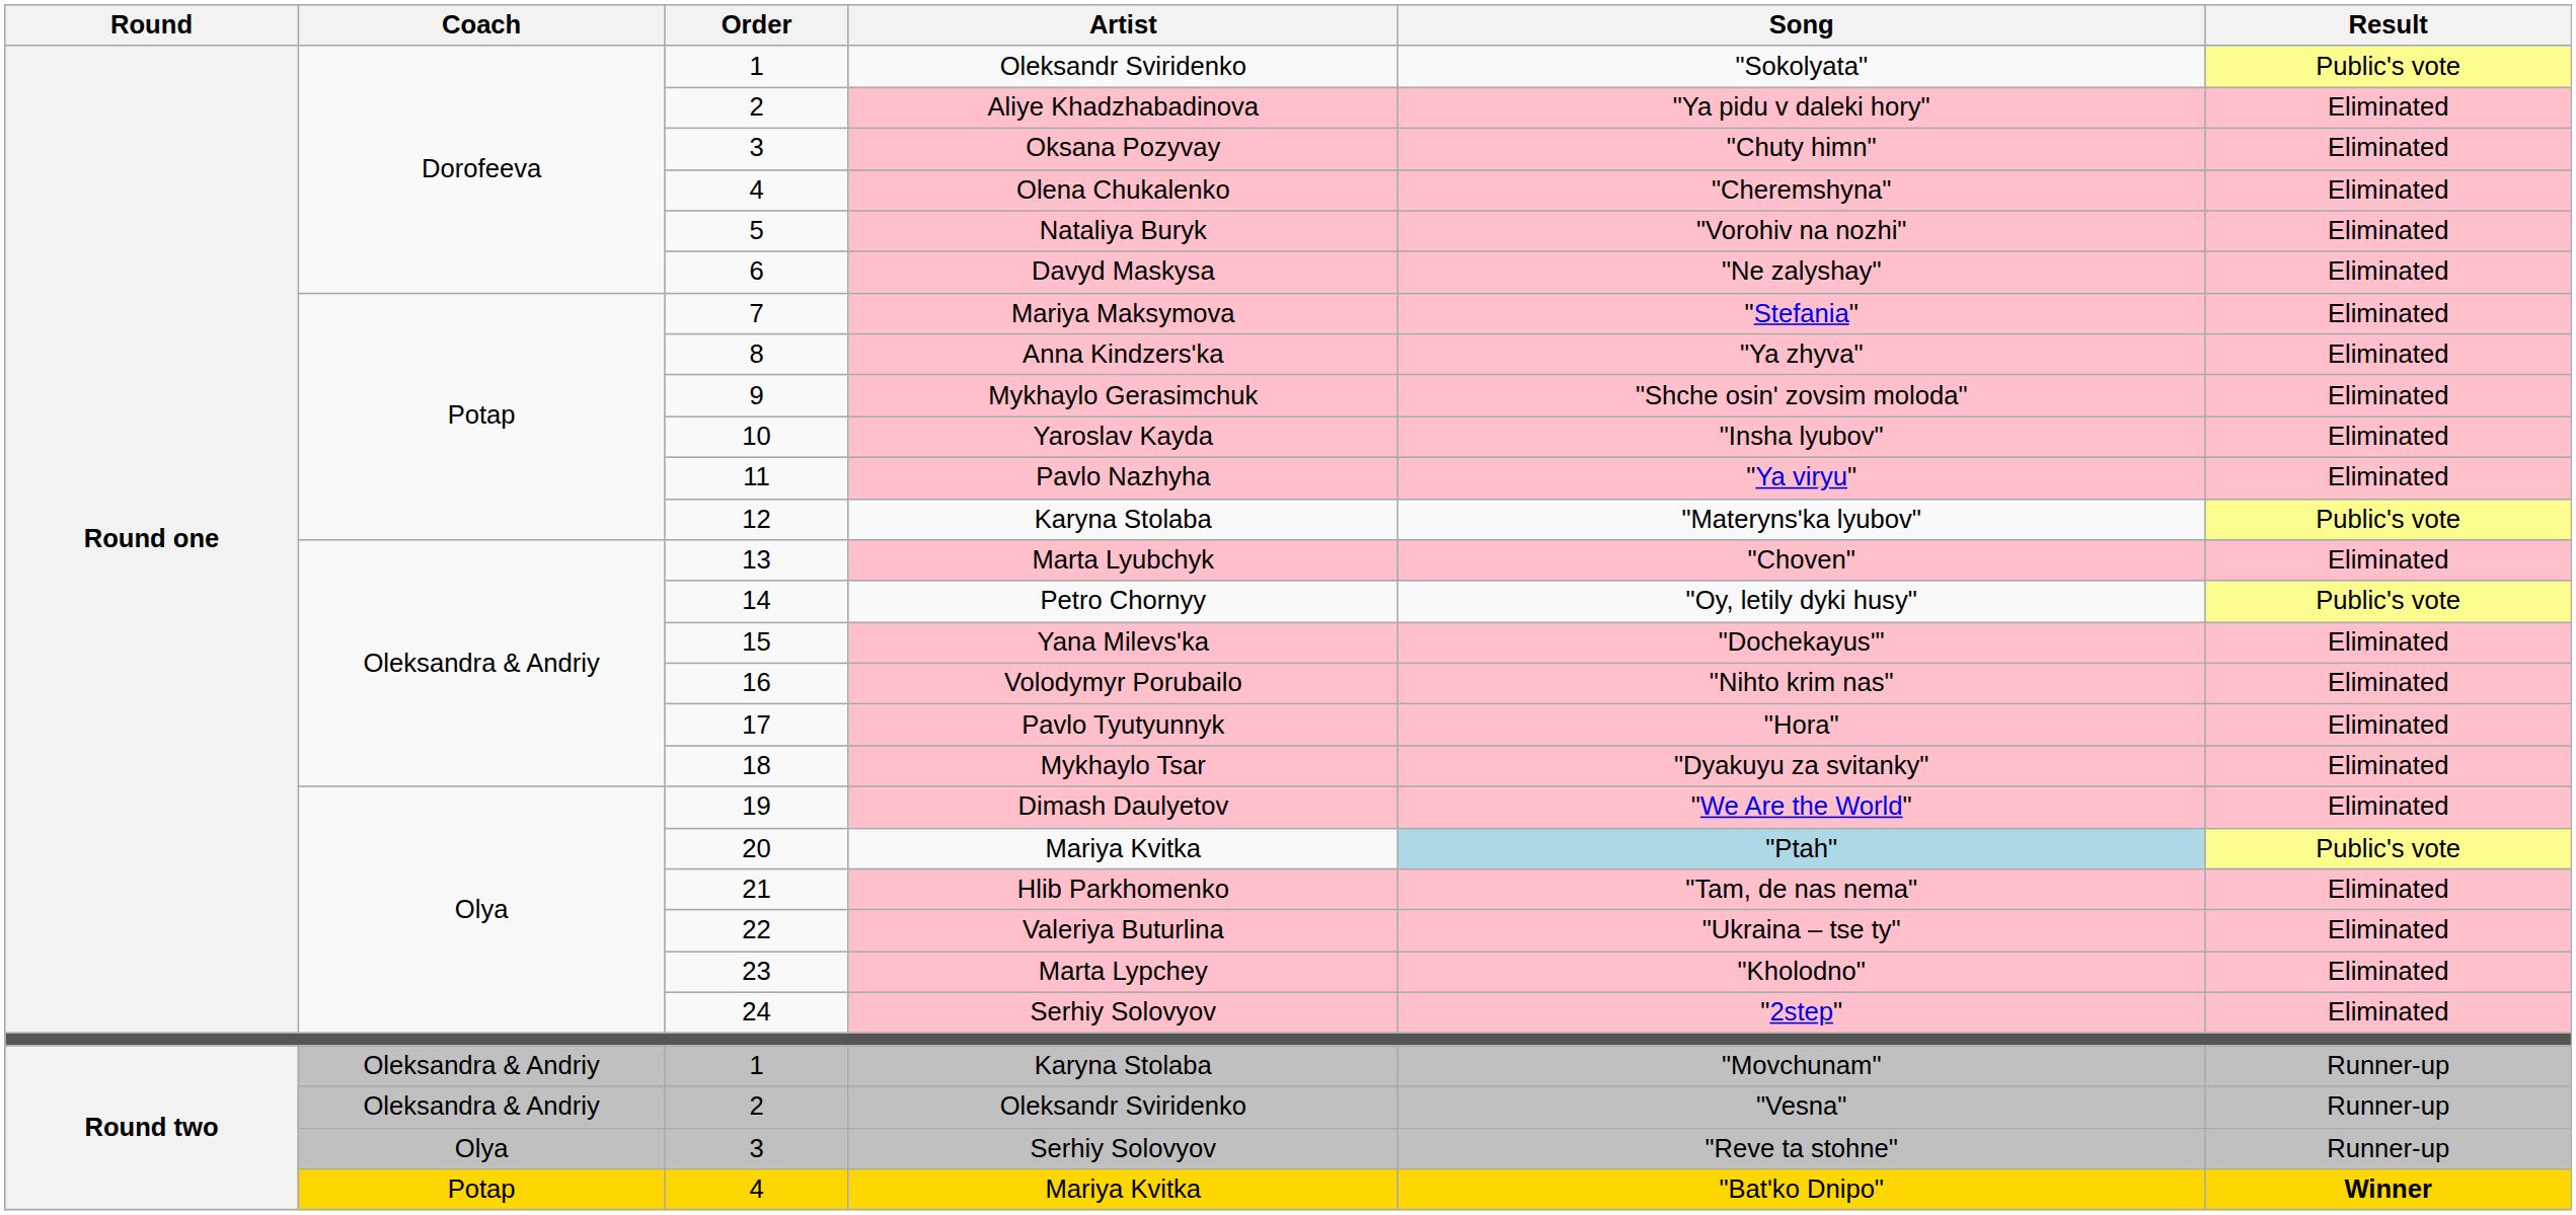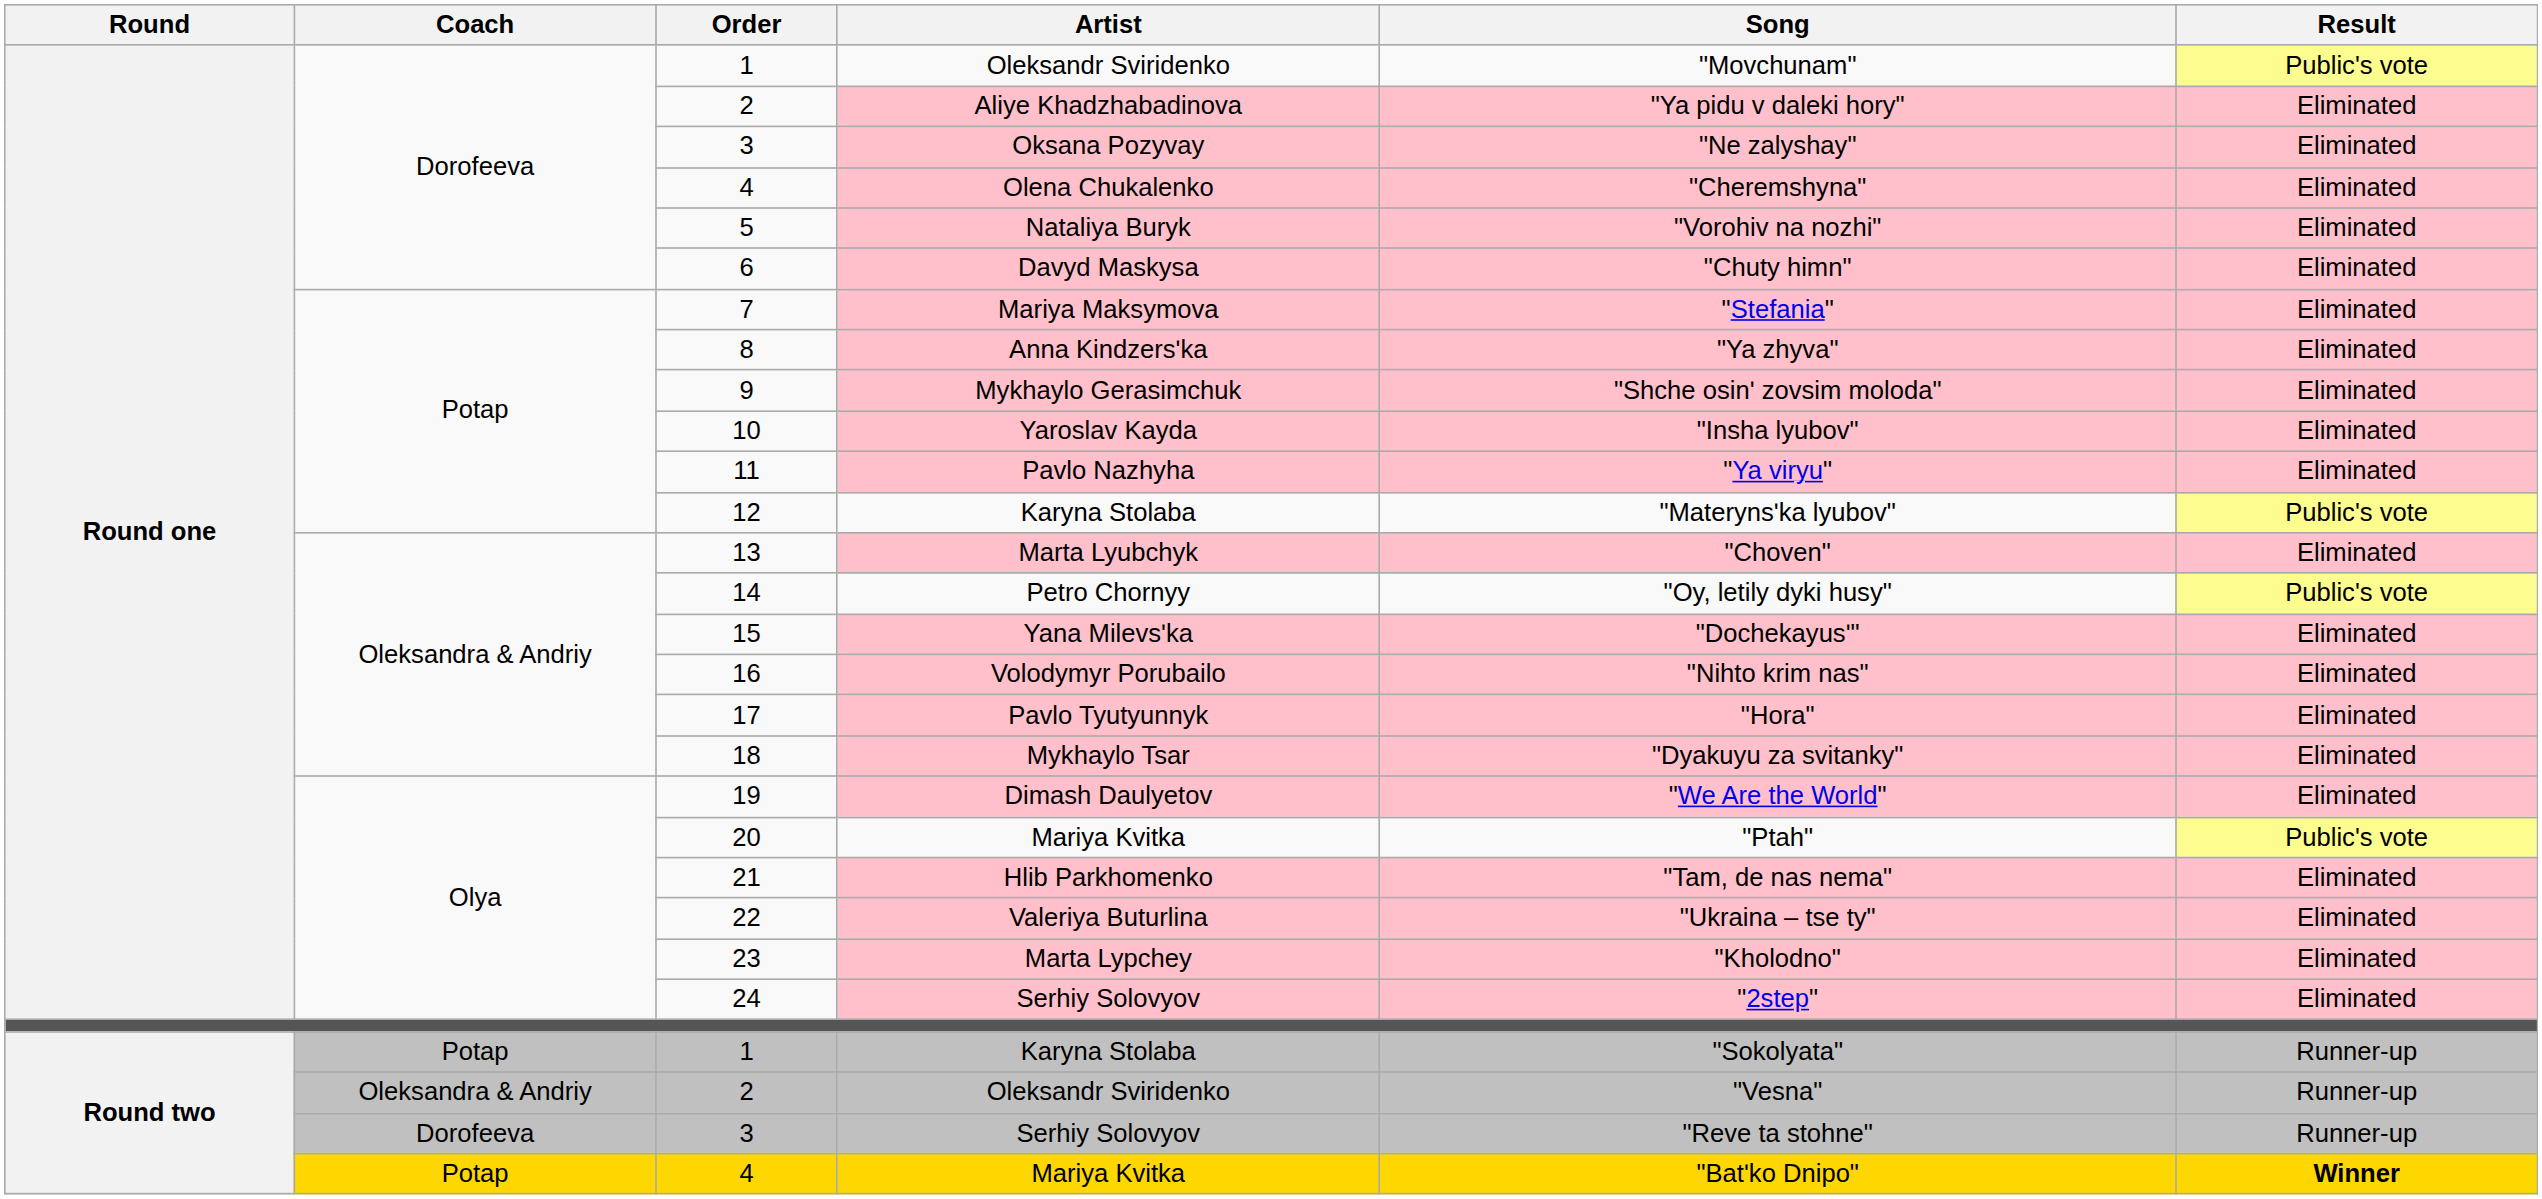 <table class="wikitable" style="text-align:center; width:100%">
 <tr>
 <th style="width:08%">Round</th>
 <th style="width:10%">Coach</th>
 <th style="width:05%">Order</th>
 <th style="width:15%">Artist</th>
 <th style="width:22%">Song</th>
 <th style="width:10%">Result</th>
 </tr>
 <tr>
 <th rowspan="24">Round one</th>
 <td rowspan="6">Dorofeeva</td>
 <td>1</td>
 <td>Oleksandr Sviridenko</td>
-<td>"Sokolyata" </td>
+<td>"Movchunam" </td>
 <td style="background:#fdfc8f">Public's vote</td>
 </tr>
 <tr>
 <td>2</td>
 <td style="background: pink">Aliye Khadzhabadinova</td>
 <td style="background: pink">"‍Ya pidu v daleki hory" </td>
 <td style="background: pink">Eliminated</td>
 </tr>
 <tr>
 <td>3</td>
 <td style="background: pink">Oksana Pozyvay</td>
-<td style="background: pink">"Chuty himn" </td>
+<td style="background: pink">"Ne zalyshay" </td>
 <td style="background: pink">Eliminated</td>
 </tr>
 <tr>
 <td>4</td>
 <td style="background: pink">Olena Chukalenko</td>
 <td style="background: pink">"Cheremshyna" </td>
 <td style="background: pink">Eliminated</td>
 </tr>
 <tr>
 <td>5</td>
 <td style="background: pink">Nataliya Buryk</td>
 <td style="background: pink">"Vorohiv na nozhi" </td>
 <td style="background: pink">Eliminated</td>
 </tr>
 <tr>
 <td>6</td>
 <td style="background: pink">Davyd Maskysa</td>
-<td style="background: pink">"Ne zalyshay" </td>
+<td style="background: pink">"Chuty himn" </td>
 <td style="background: pink">Eliminated</td>
 </tr>
 <tr>
 <td rowspan="6">Potap</td>
 <td>7</td>
 <td style="background: pink">Mariya Maksymova</td>
 <td style="background: pink">"<a href='#'>Stefania</a>" </td>
 <td style="background: pink">Eliminated</td>
 </tr>
 <tr>
 <td>8</td>
 <td style="background: pink">Anna Kindzersʹka</td>
 <td style="background: pink">"Ya zhyva" </td>
 <td style="background: pink">Eliminated</td>
 </tr>
 <tr>
 <td>9</td>
 <td style="background: pink">Mykhaylo Gerasimchuk</td>
 <td style="background: pink">"Shche osinʹ zovsim moloda" </td>
 <td style="background: pink">Eliminated</td>
 </tr>
 <tr>
 <td>10</td>
 <td style="background: pink">Yaroslav Kayda</td>
 <td style="background: pink">"Insha lyubov" </td>
 <td style="background: pink">Eliminated</td>
 </tr>
 <tr>
 <td>11</td>
 <td style="background: pink">Pavlo Nazhyha</td>
 <td style="background: pink">"<a href='#'>Ya viryu</a>" </td>
 <td style="background: pink">Eliminated</td>
 </tr>
 <tr>
 <td>12</td>
 <td>Karyna Stolaba</td>
 <td>"Materynsʹka lyubov" </td>
 <td style="background:#fdfc8f">Public's vote</td>
 </tr>
 <tr>
 <td rowspan="6">Oleksandra & Andriy</td>
 <td>13</td>
 <td style="background: pink">Marta Lyubchyk</td>
 <td style="background: pink">"Choven" </td>
 <td style="background: pink">Eliminated</td>
 </tr>
 <tr>
 <td>14</td>
 <td>Petro Chornyy</td>
 <td>"Oy, letily dyki husy" </td>
 <td style="background:#fdfc8f">Public's vote</td>
 </tr>
 <tr>
 <td>15</td>
 <td style="background: pink">Yana Milevsʹka</td>
 <td style="background: pink">"Dochekayusʹ" </td>
 <td style="background: pink">Eliminated</td>
 </tr>
 <tr>
 <td>16</td>
 <td style="background: pink">Volodymyr Porubailo</td>
 <td style="background: pink">"Nihto krim nas" </td>
 <td style="background: pink">Eliminated</td>
 </tr>
 <tr>
 <td>17</td>
 <td style="background: pink">Pavlo Tyutyunnyk</td>
 <td style="background: pink">"Hora" </td>
 <td style="background: pink">Eliminated</td>
 </tr>
 <tr>
 <td>18</td>
 <td style="background: pink">Mykhaylo Tsar</td>
 <td style="background: pink">"Dyakuyu za svitanky" </td>
 <td style="background: pink">Eliminated</td>
 </tr>
 <tr>
 <td rowspan="6">Olya</td>
 <td>19</td>
 <td style="background: pink">Dimash Daulyetov</td>
 <td style="background: pink">"<a href='#'>We Are the World</a>"</td>
 <td style="background: pink">Eliminated</td>
 </tr>
 <tr>
 <td>20</td>
 <td>Mariya Kvitka</td>
-<td style="background: lightblue;">"Ptah" </td>
+<td>"Ptah" </td>
 <td style="background:#fdfc8f">Public's vote</td>
 </tr>
 <tr>
 <td>21</td>
 <td style="background: pink">Hlib Parkhomenko</td>
 <td style="background: pink">"Tam, de nas nema" </td>
 <td style="background: pink">Eliminated</td>
 </tr>
 <tr>
 <td>22</td>
 <td style="background: pink">Valeriya Buturlina</td>
 <td style="background: pink">"Ukraina – tse ty" </td>
 <td style="background: pink">Eliminated</td>
 </tr>
 <tr>
 <td>23</td>
 <td style="background: pink">Marta Lypchey</td>
 <td style="background: pink">"Kholodno" </td>
 <td style="background: pink">Eliminated</td>
 </tr>
 <tr>
 <td>24</td>
 <td style="background: pink">Serhiy Solovyov</td>
 <td style="background: pink">"<a href='#'>2step</a>"</td>
 <td style="background: pink">Eliminated</td>
 </tr>
 <tr>
 <td colspan="6" style="background:#555"></td>
 </tr>
 <tr style="background: silver">
 <th rowspan="4">Round two</th>
-<td>Oleksandra & Andriy</td>
+<td>Potap</td>
 <td>1</td>
 <td>Karyna Stolaba</td>
-<td>"Movchunam" </td>
+<td>"Sokolyata" </td>
 <td>Runner-up</td>
 </tr>
 <tr style="background: silver">
 <td>Oleksandra & Andriy</td>
 <td>2</td>
 <td>Oleksandr Sviridenko</td>
 <td>"Vesna" </td>
 <td>Runner-up</td>
 </tr>
 <tr style="background: silver">
-<td>Olya</td>
+<td>Dorofeeva</td>
 <td>3</td>
 <td>Serhiy Solovyov</td>
 <td>"Reve ta stohne" </td>
 <td>Runner-up</td>
 </tr>
 <tr style="background: gold">
 <td>Potap</td>
 <td>4</td>
 <td>Mariya Kvitka</td>
 <td>"Batʹko Dnipo" </td>
 <td><strong>Winner</strong></td>
 </tr>
 </table>
